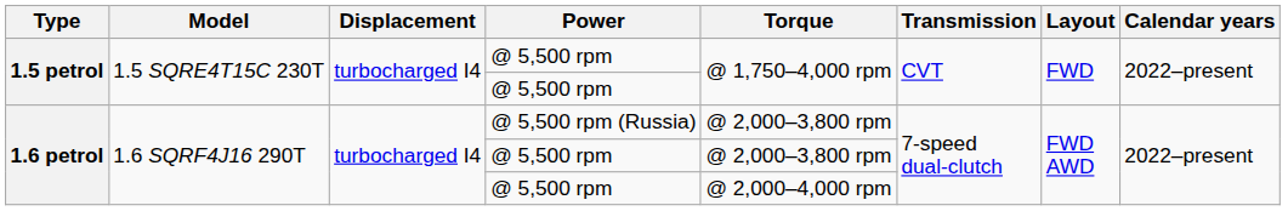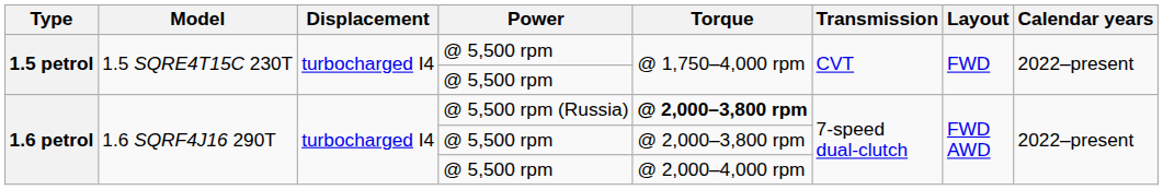 <table class="wikitable" style="text-align:left;">
 <tr>
 <th>Type</th>
 <th>Model</th>
 <th>Displacement</th>
 <th>Power</th>
 <th>Torque</th>
 <th>Transmission</th>
 <th>Layout</th>
 <th>Calendar years</th>
 </tr>
 <tr>
 <th rowspan="2">1.5 petrol</th>
 <td rowspan="2">1.5 <em>SQRE4T15C</em> 230T</td>
 <td rowspan="2"> <a href='#'>turbocharged</a> I4</td>
 <td> @ 5,500 rpm</td>
 <td rowspan="2"> @ 1,750–4,000 rpm</td>
 <td rowspan="2"><a href='#'>CVT</a></td>
 <td rowspan="2"><a href='#'>FWD</a></td>
 <td rowspan="2">2022–present</td>
 </tr>
 <tr>
 <td> @ 5,500 rpm</td>
 </tr>
 <tr>
 <th rowspan="3">1.6 petrol</th>
 <td rowspan="3">1.6 <em>SQRF4J16</em> 290T</td>
 <td rowspan="3"> <a href='#'>turbocharged</a> I4</td>
 <td> @ 5,500 rpm (Russia)</td>
-<td> @ 2,000–3,800 rpm</td>
+<td><strong> @ 2,000–3,800 rpm</strong></td>
 <td rowspan="3">7-speed<br><a href='#'>dual-clutch</a></td>
 <td rowspan="3"><a href='#'>FWD</a><br><a href='#'>AWD</a></td>
 <td rowspan="3">2022–present</td>
 </tr>
 <tr>
 <td> @ 5,500 rpm</td>
 <td> @ 2,000–3,800 rpm</td>
 </tr>
 <tr>
 <td> @ 5,500 rpm</td>
 <td> @ 2,000–4,000 rpm</td>
 </tr>
 </table>
